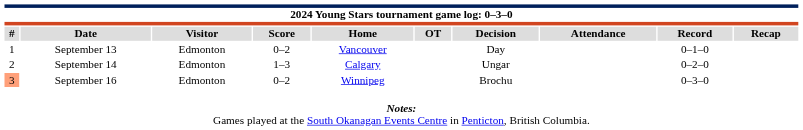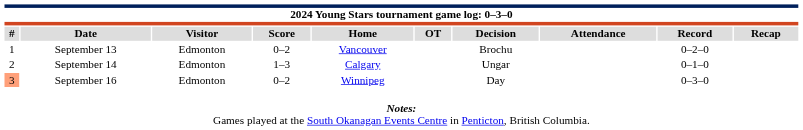 <table class="toccolours collapsible collapsed" style="width:90%; clear:both; margin:1.5em auto; text-align:center;">
 <tr>
 <th colspan="10" style="background:#FFFFFF; border-top:#00205B 5px solid; border-bottom:#D14520 5px solid;">2024 Young Stars tournament game log: 0–3–0</th>
 </tr>
 <tr style="background:#ddd;">
 <th>#</th>
 <th>Date</th>
 <th>Visitor</th>
 <th>Score</th>
 <th>Home</th>
 <th>OT</th>
 <th>Decision</th>
 <th>Attendance</th>
 <th>Record</th>
 <th>Recap</th>
 </tr>
 <tr>
 <td>1</td>
 <td>September 13</td>
 <td>Edmonton</td>
 <td>0–2</td>
 <td><a href='#'>Vancouver</a></td>
 <td></td>
-<td>Day</td>
+<td>Brochu</td>
 <td></td>
-<td>0–1–0</td>
+<td>0–2–0</td>
 <td></td>
 </tr>
 <tr>
 <td>2</td>
 <td>September 14</td>
 <td>Edmonton</td>
 <td>1–3</td>
 <td><a href='#'>Calgary</a></td>
 <td></td>
 <td>Ungar</td>
 <td></td>
-<td>0–2–0</td>
+<td>0–1–0</td>
 <td></td>
 </tr>
 <tr>
 <td style="background: lightsalmon;">3</td>
 <td>September 16</td>
 <td>Edmonton</td>
 <td>0–2</td>
 <td><a href='#'>Winnipeg</a></td>
 <td></td>
-<td>Brochu</td>
+<td>Day</td>
 <td></td>
 <td>0–3–0</td>
 <td></td>
 </tr>
 <tr>
 <td colspan="10" style="text-align:center;"><br><strong><em>Notes:</em></strong><br> Games played at the <a href='#'>South Okanagan Events Centre</a> in <a href='#'>Penticton</a>, British Columbia.</td>
 </tr>
 </table>
